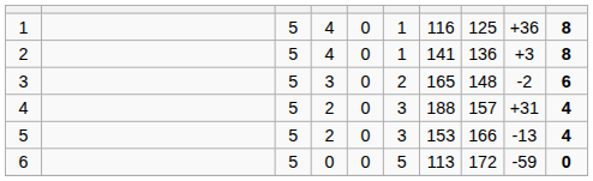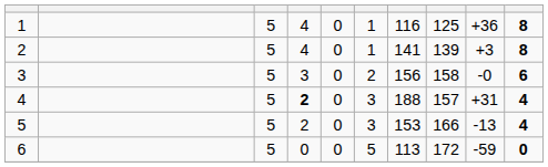 <table class="wikitable" style="text-align:center; font-size:95%">
 <tr>
 <th width="25"></th>
 <th width="200"></th>
 <th width="25"></th>
 <th width="25"></th>
 <th width="25"></th>
 <th width="25"></th>
 <th width="30"></th>
 <th width="30"></th>
 <th width="30"></th>
 <th width="30"></th>
 </tr>
 <tr style="background:#">
 <td>1</td>
 <td style="text-align:left"></td>
 <td>5</td>
 <td>4</td>
 <td>0</td>
 <td>1</td>
 <td>116</td>
 <td>125</td>
 <td>+36</td>
 <td><strong>8</strong></td>
 </tr>
 <tr style="background:#">
 <td>2</td>
 <td style="text-align:left"></td>
 <td>5</td>
 <td>4</td>
 <td>0</td>
 <td>1</td>
 <td>141</td>
-<td>136</td>
+<td>139</td>
 <td>+3</td>
 <td><strong>8</strong></td>
 </tr>
 <tr style="background:#">
 <td>3</td>
 <td style="text-align:left"></td>
 <td>5</td>
 <td>3</td>
 <td>0</td>
 <td>2</td>
-<td>165</td>
-<td>148</td>
-<td>-2</td>
+<td>156</td>
+<td>158</td>
+<td>-0</td>
 <td><strong>6</strong></td>
 </tr>
 <tr style="background:#">
 <td>4</td>
 <td style="text-align:left"></td>
 <td>5</td>
-<td>2</td>
+<td><strong>2</strong></td>
 <td>0</td>
 <td>3</td>
 <td>188</td>
 <td>157</td>
 <td>+31</td>
 <td><strong>4</strong></td>
 </tr>
 <tr style="background-color:#">
 <td>5</td>
 <td style="text-align:left"></td>
 <td>5</td>
 <td>2</td>
 <td>0</td>
 <td>3</td>
 <td>153</td>
 <td>166</td>
 <td>-13</td>
 <td><strong>4</strong></td>
 </tr>
 <tr style="background-color:#">
 <td>6</td>
 <td style="text-align:left"></td>
 <td>5</td>
 <td>0</td>
 <td>0</td>
 <td>5</td>
 <td>113</td>
 <td>172</td>
 <td>-59</td>
 <td><strong>0</strong></td>
 </tr>
 <tr>
 </tr>
 </table>
